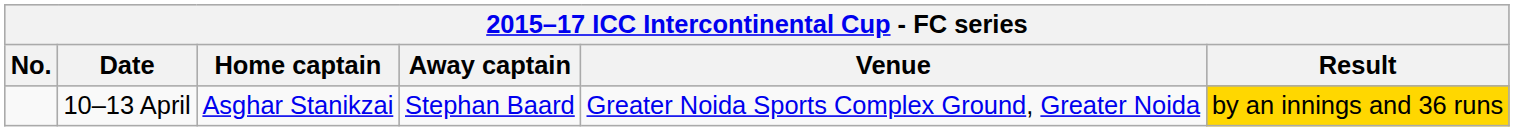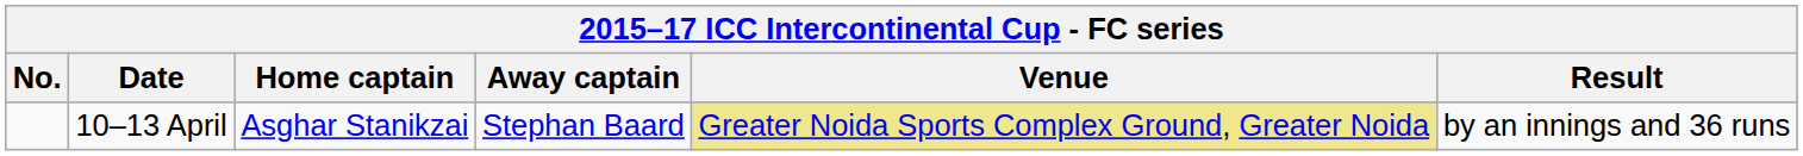 <table class="wikitable">
 <tr>
 <th colspan="6"><a href='#'>2015–17 ICC Intercontinental Cup</a> - FC series</th>
 </tr>
 <tr>
 <th>No.</th>
 <th>Date</th>
 <th>Home captain</th>
 <th>Away captain</th>
 <th>Venue</th>
 <th>Result</th>
 </tr>
 <tr>
 <td></td>
 <td>10–13 April</td>
 <td><a href='#'>Asghar Stanikzai</a></td>
 <td><a href='#'>Stephan Baard</a></td>
-<td><a href='#'>Greater Noida Sports Complex Ground</a>, <a href='#'>Greater Noida</a></td>
-<td style="background: gold;"> by an innings and 36 runs</td>
+<td style="background: khaki;"><a href='#'>Greater Noida Sports Complex Ground</a>, <a href='#'>Greater Noida</a></td>
+<td> by an innings and 36 runs</td>
 </tr>
 </table>
